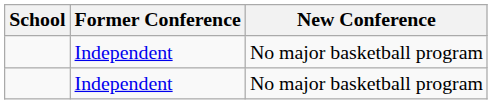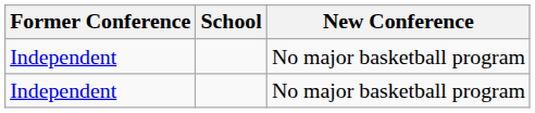 <table class="wikitable sortable">
 <tr>
+<th>Former Conference</th>
 <th>School</th>
-<th>Former Conference</th>
 <th>New Conference</th>
 </tr>
 <tr>
+<td><a href='#'>Independent</a></td>
 <td></td>
-<td><a href='#'>Independent</a></td>
 <td>No major basketball program</td>
 </tr>
 <tr>
+<td><a href='#'>Independent</a></td>
 <td></td>
-<td><a href='#'>Independent</a></td>
 <td>No major basketball program</td>
 </tr>
 </table>
